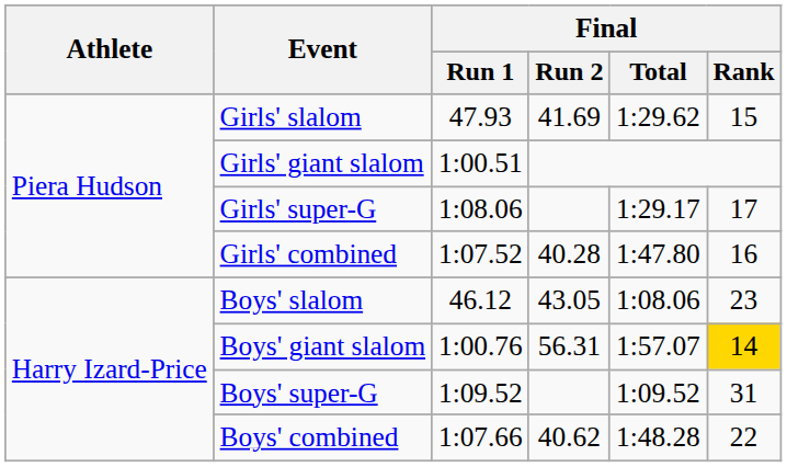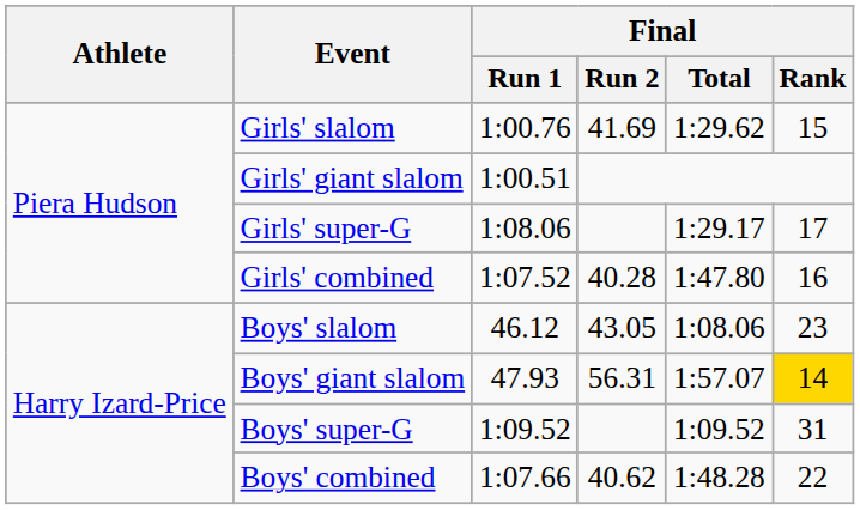 <table class="wikitable" style="font-size:90%">
 <tr>
 <th rowspan="2">Athlete</th>
 <th rowspan="2">Event</th>
 <th colspan="4">Final</th>
 </tr>
 <tr style="font-size:95%">
 <th>Run 1</th>
 <th>Run 2</th>
 <th>Total</th>
 <th>Rank</th>
 </tr>
 <tr>
 <td rowspan=4><a href='#'>Piera Hudson</a></td>
 <td><a href='#'>Girls' slalom</a></td>
-<td align="center">47.93</td>
+<td align="center">1:00.76</td>
 <td align="center">41.69</td>
 <td align="center">1:29.62</td>
 <td align="center">15</td>
 </tr>
 <tr>
 <td><a href='#'>Girls' giant slalom</a></td>
 <td align="center">1:00.51</td>
 <td align="center" colspan=3></td>
 </tr>
 <tr>
 <td><a href='#'>Girls' super-G</a></td>
 <td align="center">1:08.06</td>
 <td></td>
 <td align="center">1:29.17</td>
 <td align="center">17</td>
 </tr>
 <tr>
 <td><a href='#'>Girls' combined</a></td>
 <td align="center">1:07.52</td>
 <td align="center">40.28</td>
 <td align="center">1:47.80</td>
 <td align="center">16</td>
 </tr>
 <tr>
 <td rowspan=4><a href='#'>Harry Izard-Price</a></td>
 <td><a href='#'>Boys' slalom</a></td>
 <td align="center">46.12</td>
 <td align="center">43.05</td>
 <td align="center">1:08.06</td>
 <td align="center">23</td>
 </tr>
 <tr>
 <td><a href='#'>Boys' giant slalom</a></td>
-<td align="center">1:00.76</td>
+<td align="center">47.93</td>
 <td align="center">56.31</td>
 <td align="center">1:57.07</td>
 <td align="center" style="background: gold;">14</td>
 </tr>
 <tr>
 <td><a href='#'>Boys' super-G</a></td>
 <td align="center">1:09.52</td>
 <td></td>
 <td align="center">1:09.52</td>
 <td align="center">31</td>
 </tr>
 <tr>
 <td><a href='#'>Boys' combined</a></td>
 <td align="center">1:07.66</td>
 <td align="center">40.62</td>
 <td align="center">1:48.28</td>
 <td align="center">22</td>
 </tr>
 </table>
